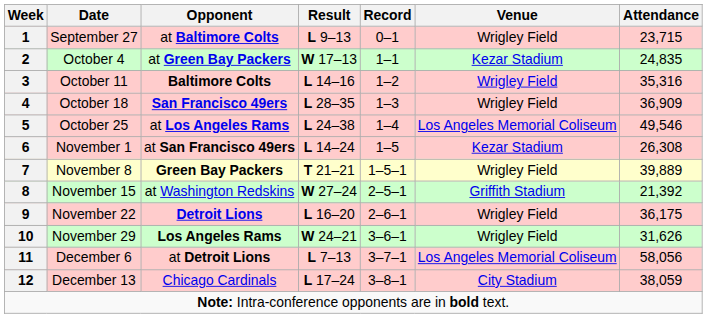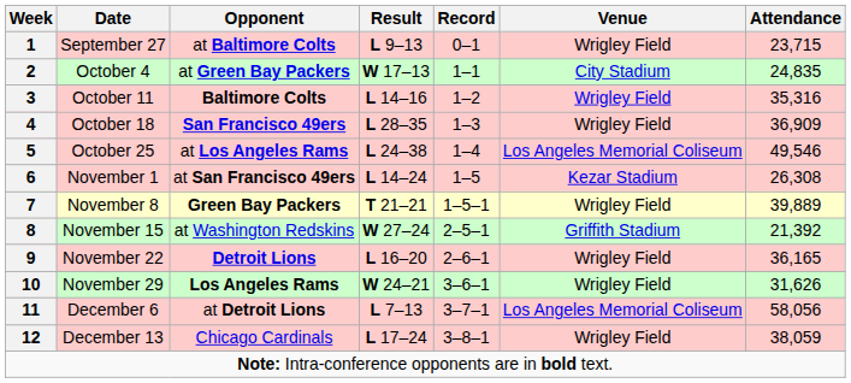 <table class="wikitable" style="text-align:center">
 <tr>
 <th>Week</th>
 <th>Date</th>
 <th>Opponent</th>
 <th>Result</th>
 <th>Record</th>
 <th>Venue</th>
 <th>Attendance</th>
 </tr>
 <tr style="background:#fcc">
 <th>1</th>
 <td>September 27</td>
 <td>at <strong><a href='#'>Baltimore Colts</a></strong></td>
 <td><strong>L</strong> 9–13</td>
 <td>0–1</td>
 <td>Wrigley Field</td>
 <td>23,715</td>
 </tr>
 <tr style="background:#cfc">
 <th>2</th>
 <td>October 4</td>
 <td>at <strong><a href='#'>Green Bay Packers</a></strong></td>
 <td><strong>W</strong> 17–13</td>
 <td>1–1</td>
-<td><a href='#'>Kezar Stadium</a></td>
+<td><a href='#'>City Stadium</a></td>
 <td>24,835</td>
 </tr>
 <tr style="background:#fcc">
 <th>3</th>
 <td>October 11</td>
 <td><strong>Baltimore Colts</strong></td>
 <td><strong>L</strong> 14–16</td>
 <td>1–2</td>
 <td><a href='#'>Wrigley Field</a></td>
 <td>35,316</td>
 </tr>
 <tr style="background:#fcc">
 <th>4</th>
 <td>October 18</td>
 <td><strong><a href='#'>San Francisco 49ers</a></strong></td>
 <td><strong>L</strong> 28–35</td>
 <td>1–3</td>
 <td>Wrigley Field</td>
 <td>36,909</td>
 </tr>
 <tr style="background:#fcc">
 <th>5</th>
 <td>October 25</td>
 <td>at <strong><a href='#'>Los Angeles Rams</a></strong></td>
 <td><strong>L</strong> 24–38</td>
 <td>1–4</td>
 <td><a href='#'>Los Angeles Memorial Coliseum</a></td>
 <td>49,546</td>
 </tr>
 <tr style="background:#fcc">
 <th>6</th>
 <td>November 1</td>
 <td>at <strong>San Francisco 49ers</strong></td>
 <td><strong>L</strong> 14–24</td>
 <td>1–5</td>
 <td><a href='#'>Kezar Stadium</a></td>
 <td>26,308</td>
 </tr>
 <tr style="background:#ffc">
 <th>7</th>
 <td>November 8</td>
 <td><strong>Green Bay Packers</strong></td>
 <td><strong>T</strong> 21–21</td>
 <td>1–5–1</td>
 <td>Wrigley Field</td>
 <td>39,889</td>
 </tr>
 <tr style="background:#cfc">
 <th>8</th>
 <td>November 15</td>
 <td>at <a href='#'>Washington Redskins</a></td>
 <td><strong>W</strong> 27–24</td>
 <td>2–5–1</td>
 <td><a href='#'>Griffith Stadium</a></td>
 <td>21,392</td>
 </tr>
 <tr style="background:#fcc">
 <th>9</th>
 <td>November 22</td>
 <td><strong><a href='#'>Detroit Lions</a></strong></td>
 <td><strong>L</strong> 16–20</td>
 <td>2–6–1</td>
 <td>Wrigley Field</td>
-<td>36,175</td>
+<td>36,165</td>
 </tr>
 <tr style="background:#cfc">
 <th>10</th>
 <td>November 29</td>
 <td><strong>Los Angeles Rams</strong></td>
 <td><strong>W</strong> 24–21</td>
 <td>3–6–1</td>
 <td>Wrigley Field</td>
 <td>31,626</td>
 </tr>
 <tr style="background:#fcc">
 <th>11</th>
 <td>December 6</td>
 <td>at <strong>Detroit Lions</strong></td>
 <td><strong>L</strong> 7–13</td>
 <td>3–7–1</td>
 <td><a href='#'>Los Angeles Memorial Coliseum</a></td>
 <td>58,056</td>
 </tr>
 <tr style="background:#fcc">
 <th>12</th>
 <td>December 13</td>
 <td><a href='#'>Chicago Cardinals</a></td>
 <td><strong>L</strong> 17–24</td>
 <td>3–8–1</td>
-<td><a href='#'>City Stadium</a></td>
+<td>Wrigley Field</td>
 <td>38,059</td>
 </tr>
 <tr>
 <td colspan="8"><strong>Note:</strong> Intra-conference opponents are in <strong>bold</strong> text.</td>
 </tr>
 </table>
